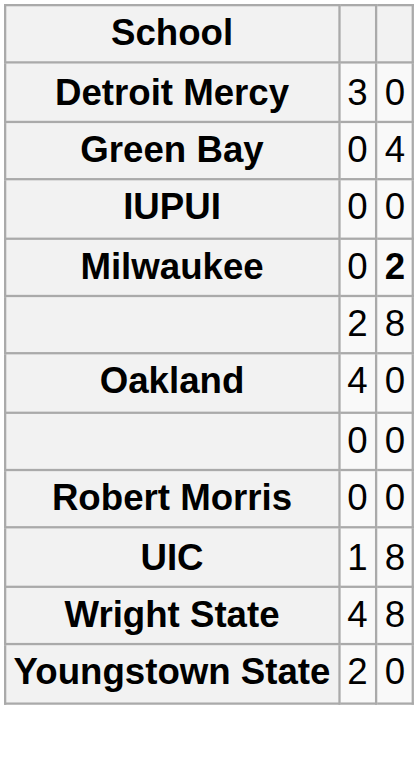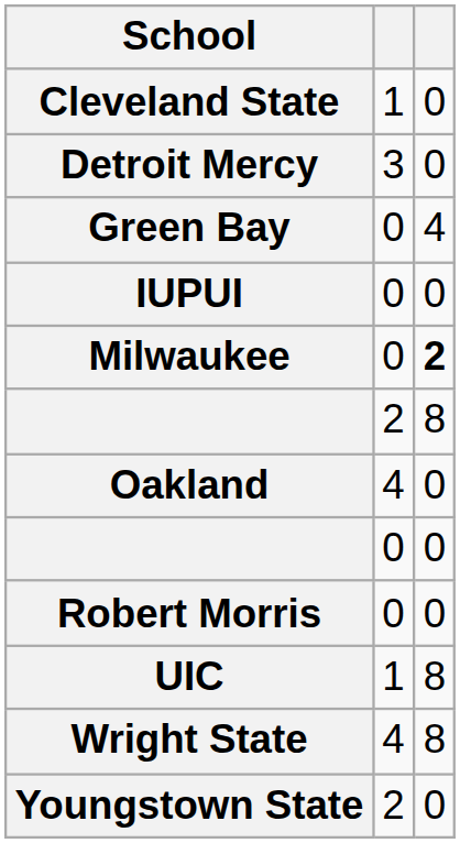 <table class="wikitable sortable" style="text-align: center;">
 <tr>
 <th>School</th>
 <th></th>
 <th></th>
+</tr>
+<tr>
+<th>Cleveland State</th>
+<td>1</td>
+<td>0</td>
 </tr>
 <tr>
 <th>Detroit Mercy</th>
 <td>3</td>
 <td>0</td>
 </tr>
 <tr>
 <th>Green Bay</th>
 <td>0</td>
 <td>4</td>
 </tr>
 <tr>
 <th>IUPUI</th>
 <td>0</td>
 <td>0</td>
 </tr>
 <tr>
 <th>Milwaukee</th>
 <td>0</td>
 <td><strong>2</strong></td>
 </tr>
 <tr>
 <th></th>
 <td>2</td>
 <td>8</td>
 </tr>
 <tr>
 <th>Oakland</th>
 <td>4</td>
 <td>0</td>
 </tr>
 <tr>
 <th></th>
 <td>0</td>
 <td>0</td>
 </tr>
 <tr>
 <th>Robert Morris</th>
 <td>0</td>
 <td>0</td>
 </tr>
 <tr>
 <th>UIC</th>
 <td>1</td>
 <td>8</td>
 </tr>
 <tr>
 <th>Wright State</th>
 <td>4</td>
 <td>8</td>
 </tr>
 <tr>
 <th>Youngstown State</th>
 <td>2</td>
 <td>0</td>
 </tr>
 </table>
